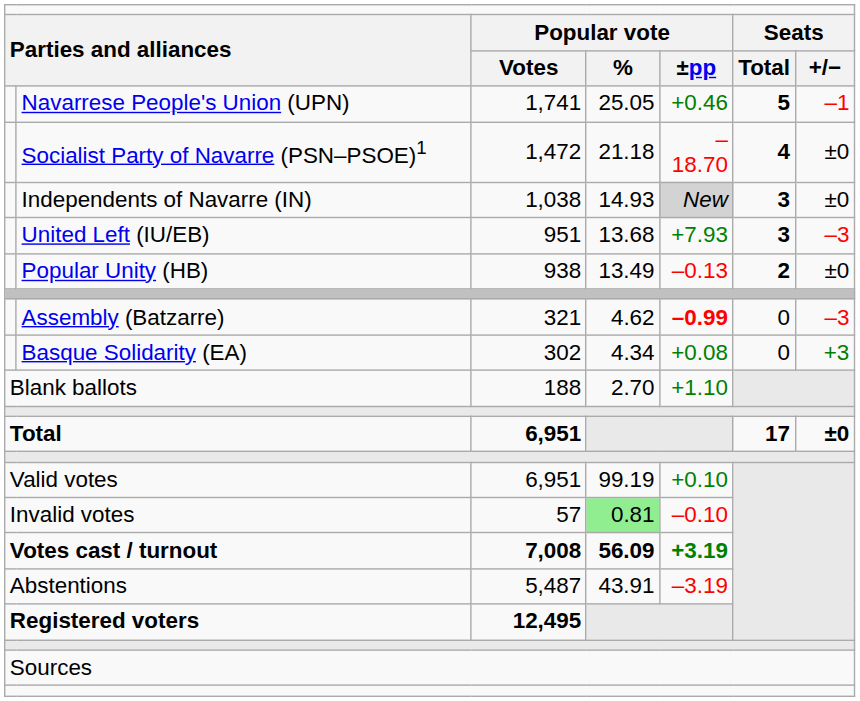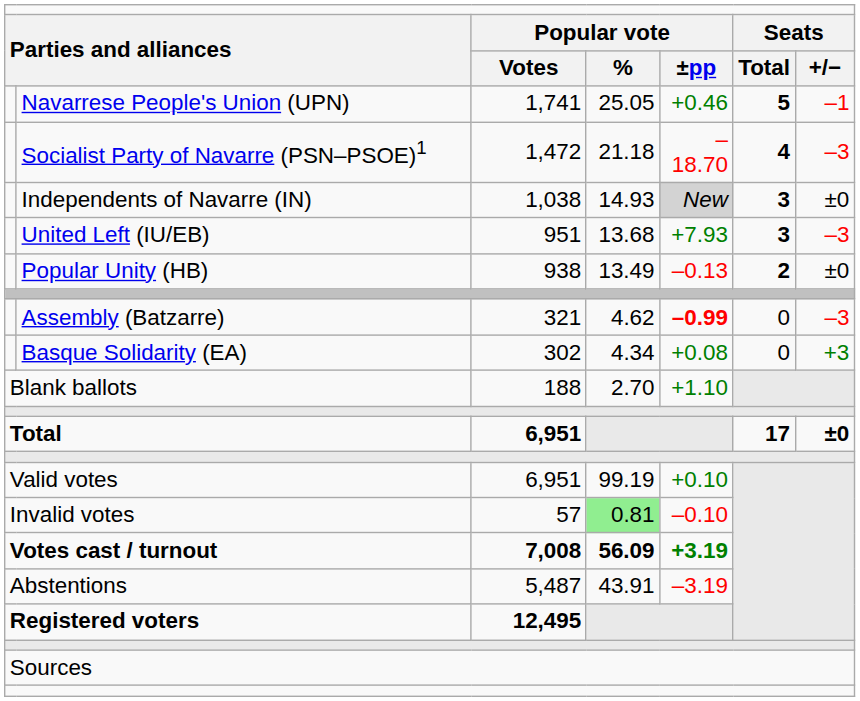 <table class="wikitable" style="text-align:right;">
 <tr>
 <td colspan="7"></td>
 </tr>
 <tr>
 <th style="text-align:left;" rowspan="2" colspan="2" width="525">Parties and alliances</th>
 <th colspan="3">Popular vote</th>
 <th colspan="2">Seats</th>
 </tr>
 <tr>
 <th width="75">Votes</th>
 <th width="45">%</th>
 <th width="45">±<a href='#'>pp</a></th>
 <th width="35">Total</th>
 <th width="35">+/−</th>
 </tr>
 <tr>
 <td width="1" style="color:inherit;background:"></td>
 <td align="left"><a href='#'>Navarrese People's Union</a> (UPN)</td>
 <td>1,741</td>
 <td>25.05</td>
 <td style="color:green;">+0.46</td>
 <td><strong>5</strong></td>
 <td style="color:red;">–1</td>
 </tr>
 <tr>
 <td style="color:inherit;background:"></td>
 <td align="left"><a href='#'>Socialist Party of Navarre</a> (PSN–PSOE)<sup>1</sup></td>
 <td>1,472</td>
 <td>21.18</td>
 <td style="color:red;">–18.70</td>
 <td><strong>4</strong></td>
-<td>±0</td>
+<td style="color:red;">–3</td>
 </tr>
 <tr>
 <td style="color:inherit;background:"></td>
 <td align="left">Independents of Navarre (IN)</td>
 <td>1,038</td>
 <td>14.93</td>
 <td style="background: lightgrey;"><em>New</em></td>
 <td><strong>3</strong></td>
 <td>±0</td>
 </tr>
 <tr>
 <td style="color:inherit;background:"></td>
 <td align="left"><a href='#'>United Left</a> (IU/EB)</td>
 <td>951</td>
 <td>13.68</td>
 <td style="color:green;">+7.93</td>
 <td><strong>3</strong></td>
 <td style="color:red;">–3</td>
 </tr>
 <tr>
 <td style="color:inherit;background:"></td>
 <td align="left"><a href='#'>Popular Unity</a> (HB)</td>
 <td>938</td>
 <td>13.49</td>
 <td style="color:red;">–0.13</td>
 <td><strong>2</strong></td>
 <td>±0</td>
 </tr>
 <tr>
 <td colspan="7" bgcolor="#C0C0C0"></td>
 </tr>
 <tr>
 <td style="color:inherit;background:"></td>
 <td align="left"><a href='#'>Assembly</a> (Batzarre)</td>
 <td>321</td>
 <td>4.62</td>
 <td style="color:red;"><strong>–0.99</strong></td>
 <td>0</td>
 <td style="color:red;">–3</td>
 </tr>
 <tr>
 <td style="color:inherit;background:"></td>
 <td align="left"><a href='#'>Basque Solidarity</a> (EA)</td>
 <td>302</td>
 <td>4.34</td>
 <td style="color:green;">+0.08</td>
 <td>0</td>
 <td style="color:green;">+3</td>
 </tr>
 <tr>
 <td align="left" colspan="2">Blank ballots</td>
 <td>188</td>
 <td>2.70</td>
 <td style="color:green;">+1.10</td>
 <td bgcolor="#E9E9E9" colspan="2"></td>
 </tr>
 <tr>
 <td colspan="7" bgcolor="#E9E9E9"></td>
 </tr>
 <tr style="font-weight:bold;">
 <td align="left" colspan="2">Total</td>
 <td>6,951</td>
 <td bgcolor="#E9E9E9" colspan="2"></td>
 <td>17</td>
 <td>±0</td>
 </tr>
 <tr>
 <td colspan="7" bgcolor="#E9E9E9"></td>
 </tr>
 <tr>
 <td align="left" colspan="2">Valid votes</td>
 <td>6,951</td>
 <td>99.19</td>
 <td style="color:green;">+0.10</td>
 <td bgcolor="#E9E9E9" colspan="2" rowspan="5"></td>
 </tr>
 <tr>
 <td align="left" colspan="2">Invalid votes</td>
 <td>57</td>
 <td style="background: lightgreen;">0.81</td>
 <td style="color:red;">–0.10</td>
 </tr>
 <tr style="font-weight:bold;">
 <td align="left" colspan="2">Votes cast / turnout</td>
 <td>7,008</td>
 <td>56.09</td>
 <td style="color:green;">+3.19</td>
 </tr>
 <tr>
 <td align="left" colspan="2">Abstentions</td>
 <td>5,487</td>
 <td>43.91</td>
 <td style="color:red;">–3.19</td>
 </tr>
 <tr style="font-weight:bold;">
 <td align="left" colspan="2">Registered voters</td>
 <td>12,495</td>
 <td bgcolor="#E9E9E9" colspan="2"></td>
 </tr>
 <tr>
 <td colspan="7" bgcolor="#E9E9E9"></td>
 </tr>
 <tr>
 <td align="left" colspan="7">Sources</td>
 </tr>
 <tr>
 <td colspan="7" style="text-align:left; max-width:790px;"></td>
 </tr>
 </table>
